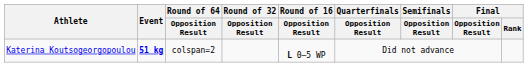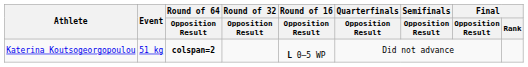 <table class="wikitable" style="font-size:90%">
 <tr>
 <th rowspan="2">Athlete</th>
 <th rowspan="2">Event</th>
 <th>Round of 64</th>
 <th>Round of 32</th>
 <th>Round of 16</th>
 <th>Quarterfinals</th>
 <th>Semifinals</th>
 <th colspan=2>Final</th>
 </tr>
 <tr style="font-size:95%">
 <th>Opposition<br>Result</th>
 <th>Opposition<br>Result</th>
 <th>Opposition<br>Result</th>
 <th>Opposition<br>Result</th>
 <th>Opposition<br>Result</th>
 <th>Opposition<br>Result</th>
 <th>Rank</th>
 </tr>
 <tr align=center>
 <td align=left><a href='#'>Katerina Koutsogeorgopoulou</a></td>
-<td align=left><strong><a href='#'>51 kg</a></strong></td>
-<td>colspan=2 </td>
+<td align=left><a href='#'>51 kg</a></td>
+<td><strong>colspan=2 </strong></td>
 <td></td>
 <td><br> <strong>L</strong> 0–5 WP</td>
 <td colspan=3>Did not advance</td>
 </tr>
 </table>
